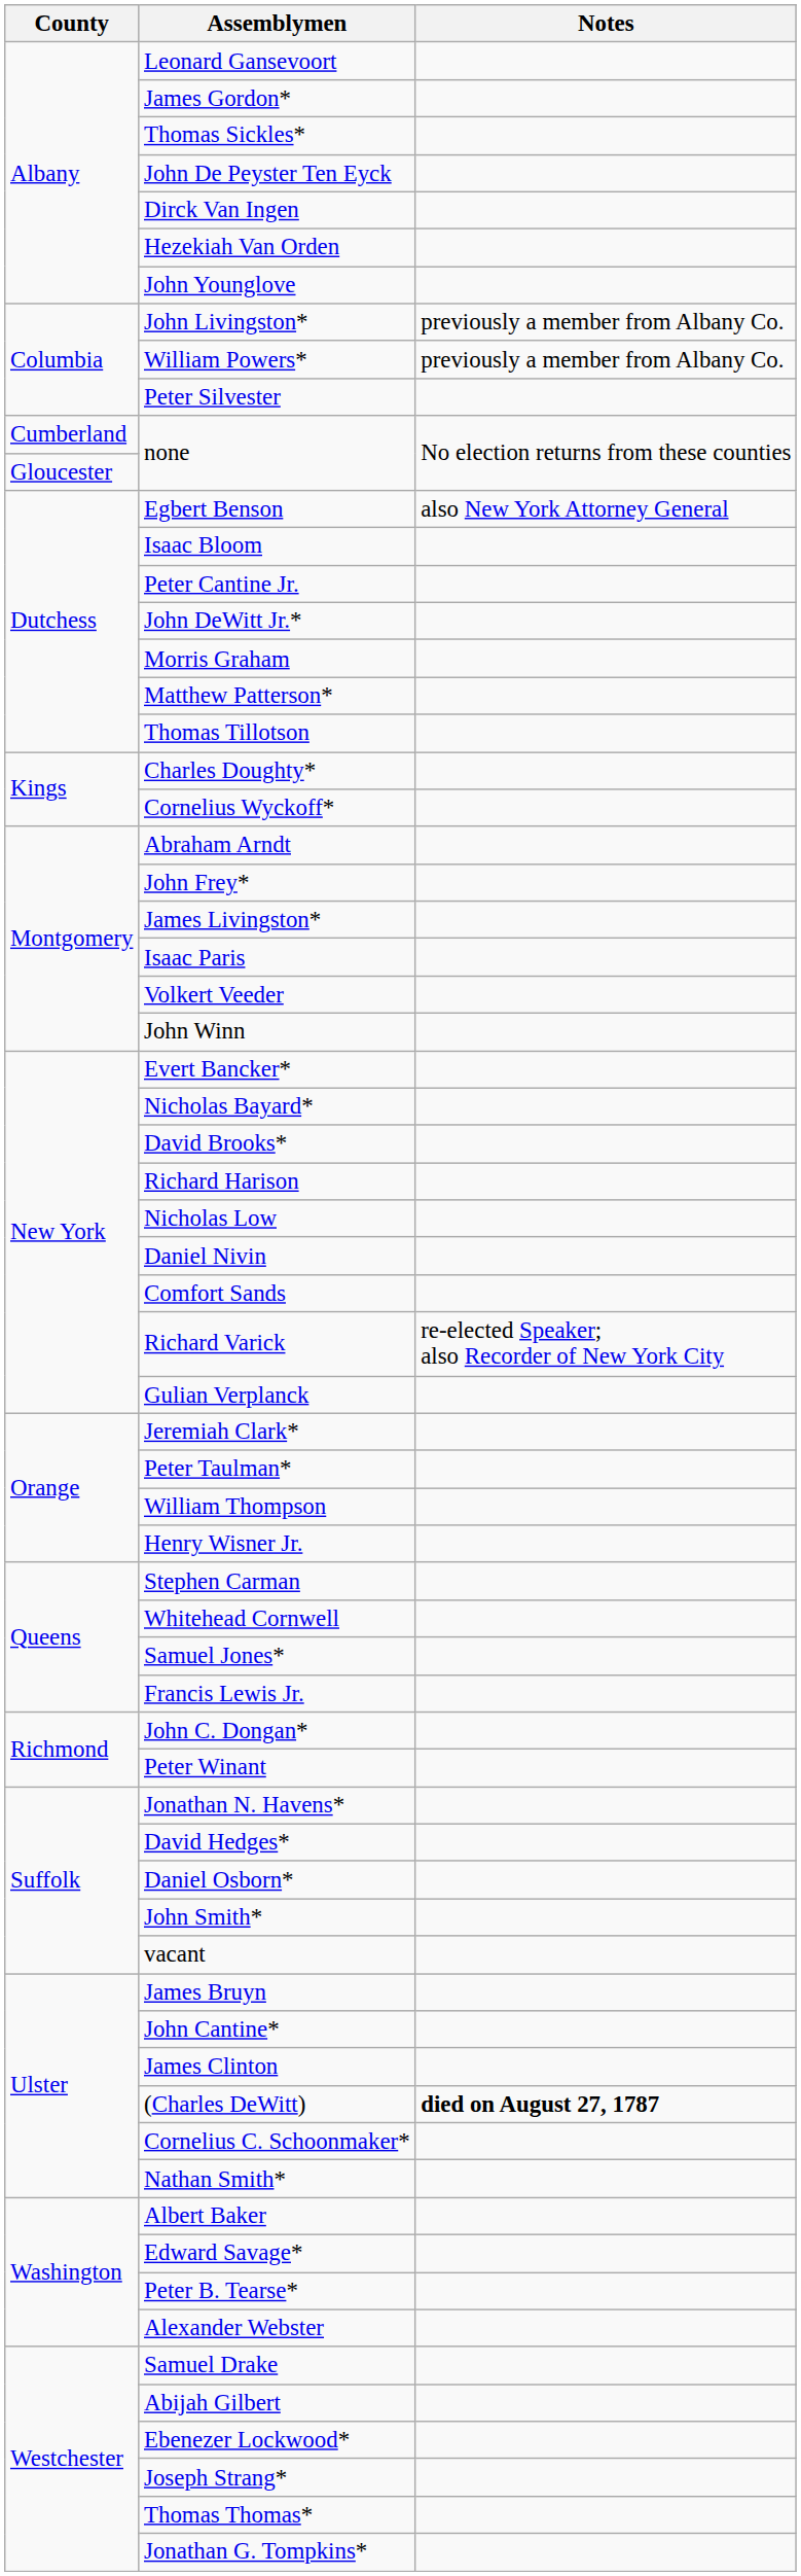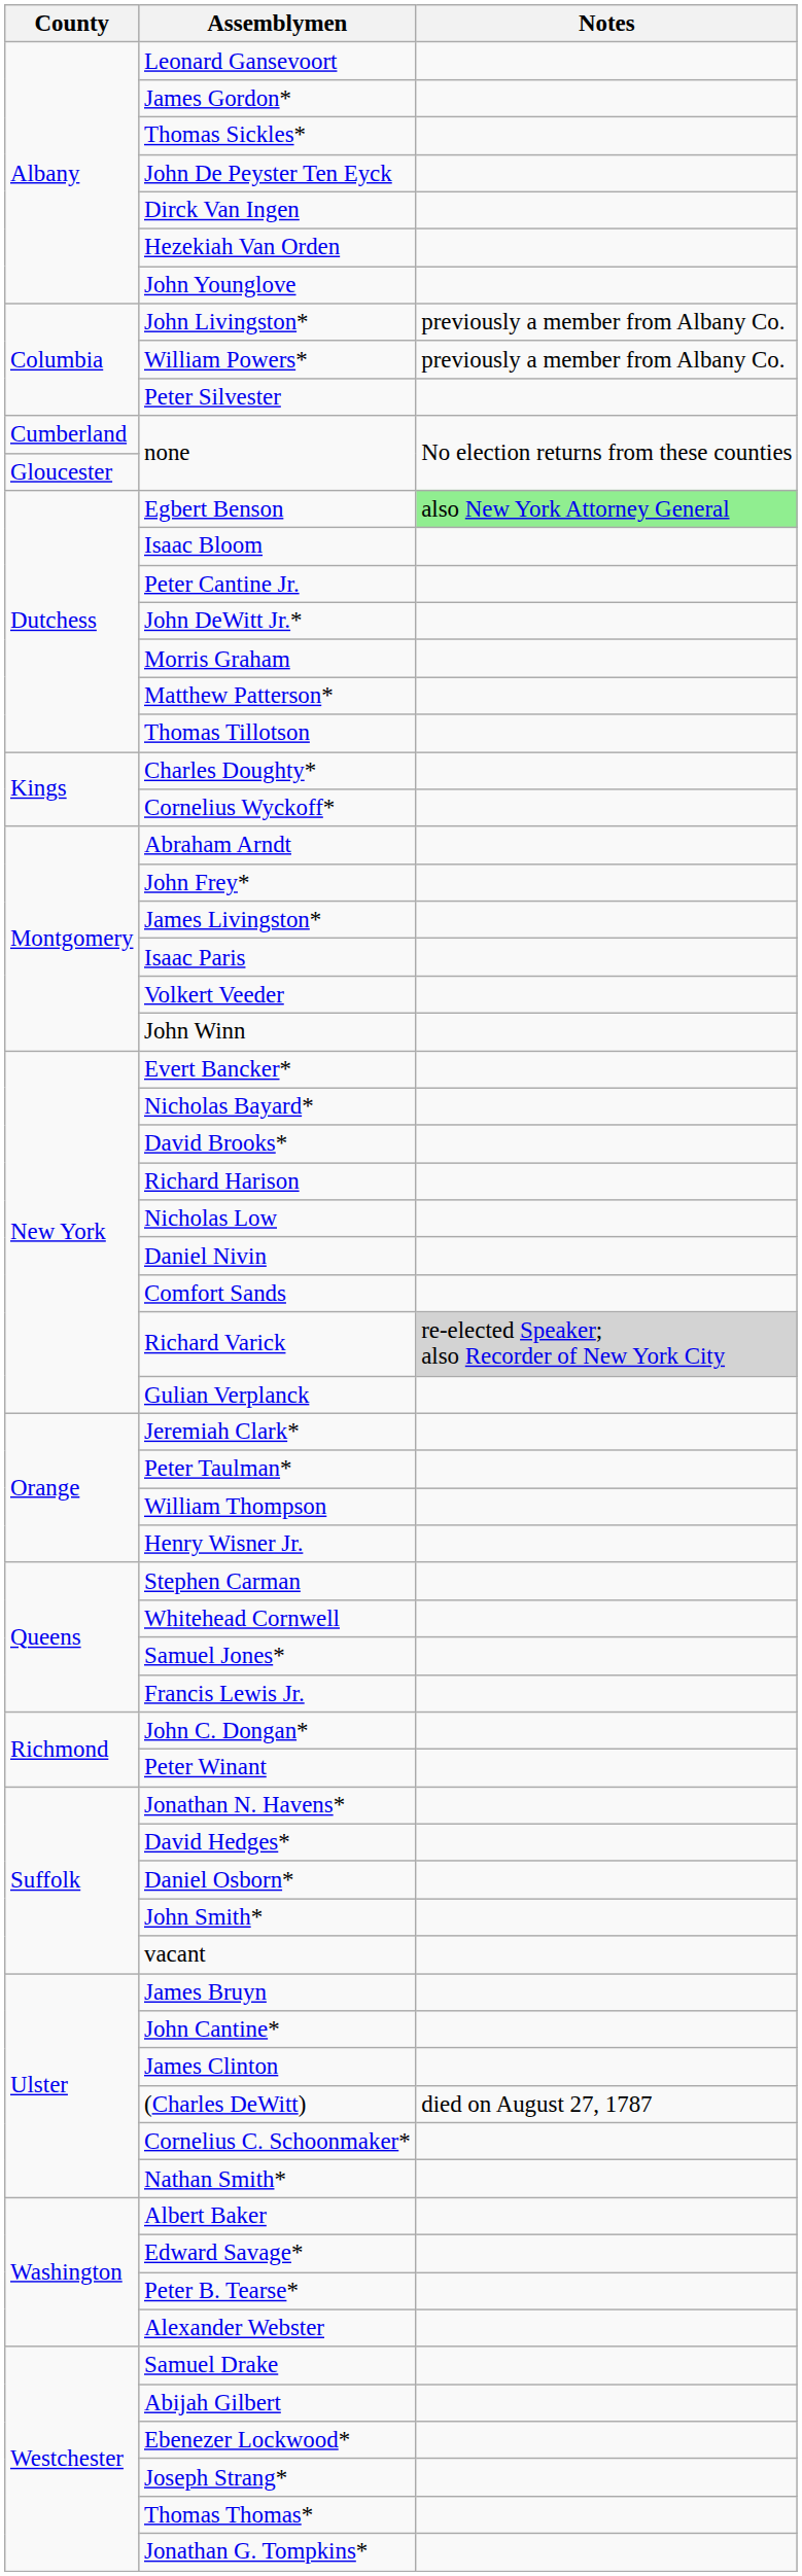 <table class=wikitable>
 <tr>
 <th>County</th>
 <th>Assemblymen</th>
 <th>Notes</th>
 </tr>
 <tr>
 <td rowspan="7"><a href='#'>Albany</a></td>
 <td><a href='#'>Leonard Gansevoort</a></td>
 <td></td>
 </tr>
 <tr>
 <td><a href='#'>James Gordon</a>*</td>
 <td></td>
 </tr>
 <tr>
 <td><a href='#'>Thomas Sickles</a>*</td>
 <td></td>
 </tr>
 <tr>
 <td><a href='#'>John De Peyster Ten Eyck</a></td>
 <td></td>
 </tr>
 <tr>
 <td><a href='#'>Dirck Van Ingen</a></td>
 <td></td>
 </tr>
 <tr>
 <td><a href='#'>Hezekiah Van Orden</a></td>
 <td></td>
 </tr>
 <tr>
 <td><a href='#'>John Younglove</a></td>
 <td></td>
 </tr>
 <tr>
 <td rowspan="3"><a href='#'>Columbia</a></td>
 <td><a href='#'>John Livingston</a>*</td>
 <td>previously a member from Albany Co.</td>
 </tr>
 <tr>
 <td><a href='#'>William Powers</a>*</td>
 <td>previously a member from Albany Co.</td>
 </tr>
 <tr>
 <td><a href='#'>Peter Silvester</a></td>
 <td></td>
 </tr>
 <tr>
 <td><a href='#'>Cumberland</a></td>
 <td rowspan="2">none</td>
 <td rowspan="2">No election returns from these counties</td>
 </tr>
 <tr>
 <td><a href='#'>Gloucester</a></td>
 </tr>
 <tr>
 <td rowspan="7"><a href='#'>Dutchess</a></td>
 <td><a href='#'>Egbert Benson</a></td>
-<td>also <a href='#'>New York Attorney General</a></td>
+<td style="background: lightgreen;">also <a href='#'>New York Attorney General</a></td>
 </tr>
 <tr>
 <td><a href='#'>Isaac Bloom</a></td>
 <td></td>
 </tr>
 <tr>
 <td><a href='#'>Peter Cantine Jr.</a></td>
 <td></td>
 </tr>
 <tr>
 <td><a href='#'>John DeWitt Jr.</a>*</td>
 <td></td>
 </tr>
 <tr>
 <td><a href='#'>Morris Graham</a></td>
 <td></td>
 </tr>
 <tr>
 <td><a href='#'>Matthew Patterson</a>*</td>
 <td></td>
 </tr>
 <tr>
 <td><a href='#'>Thomas Tillotson</a></td>
 <td></td>
 </tr>
 <tr>
 <td rowspan="2"><a href='#'>Kings</a></td>
 <td><a href='#'>Charles Doughty</a>*</td>
 <td></td>
 </tr>
 <tr>
 <td><a href='#'>Cornelius Wyckoff</a>*</td>
 <td></td>
 </tr>
 <tr>
 <td rowspan="6"><a href='#'>Montgomery</a></td>
 <td><a href='#'>Abraham Arndt</a></td>
 <td></td>
 </tr>
 <tr>
 <td><a href='#'>John Frey</a>*</td>
 <td></td>
 </tr>
 <tr>
 <td><a href='#'>James Livingston</a>*</td>
 <td></td>
 </tr>
 <tr>
 <td><a href='#'>Isaac Paris</a></td>
 <td></td>
 </tr>
 <tr>
 <td><a href='#'>Volkert Veeder</a></td>
 <td></td>
 </tr>
 <tr>
 <td>John Winn</td>
 <td></td>
 </tr>
 <tr>
 <td rowspan="9"><a href='#'>New York</a></td>
 <td><a href='#'>Evert Bancker</a>*</td>
 <td></td>
 </tr>
 <tr>
 <td><a href='#'>Nicholas Bayard</a>*</td>
 <td></td>
 </tr>
 <tr>
 <td><a href='#'>David Brooks</a>*</td>
 <td></td>
 </tr>
 <tr>
 <td><a href='#'>Richard Harison</a></td>
 <td></td>
 </tr>
 <tr>
 <td><a href='#'>Nicholas Low</a></td>
 <td></td>
 </tr>
 <tr>
 <td><a href='#'>Daniel Nivin</a></td>
 <td></td>
 </tr>
 <tr>
 <td><a href='#'>Comfort Sands</a></td>
 <td></td>
 </tr>
 <tr>
 <td><a href='#'>Richard Varick</a></td>
-<td>re-elected <a href='#'>Speaker</a>; <br>also <a href='#'>Recorder of New York City</a></td>
+<td style="background: lightgrey;">re-elected <a href='#'>Speaker</a>; <br>also <a href='#'>Recorder of New York City</a></td>
 </tr>
 <tr>
 <td><a href='#'>Gulian Verplanck</a></td>
 <td></td>
 </tr>
 <tr>
 <td rowspan="4"><a href='#'>Orange</a></td>
 <td><a href='#'>Jeremiah Clark</a>*</td>
 <td></td>
 </tr>
 <tr>
 <td><a href='#'>Peter Taulman</a>*</td>
 <td></td>
 </tr>
 <tr>
 <td><a href='#'>William Thompson</a></td>
 <td></td>
 </tr>
 <tr>
 <td><a href='#'>Henry Wisner Jr.</a></td>
 <td></td>
 </tr>
 <tr>
 <td rowspan="4"><a href='#'>Queens</a></td>
 <td><a href='#'>Stephen Carman</a></td>
 <td></td>
 </tr>
 <tr>
 <td><a href='#'>Whitehead Cornwell</a></td>
 <td></td>
 </tr>
 <tr>
 <td><a href='#'>Samuel Jones</a>*</td>
 <td></td>
 </tr>
 <tr>
 <td><a href='#'>Francis Lewis Jr.</a></td>
 <td></td>
 </tr>
 <tr>
 <td rowspan="2"><a href='#'>Richmond</a></td>
 <td><a href='#'>John C. Dongan</a>*</td>
 <td></td>
 </tr>
 <tr>
 <td><a href='#'>Peter Winant</a></td>
 <td></td>
 </tr>
 <tr>
 <td rowspan="5"><a href='#'>Suffolk</a></td>
 <td><a href='#'>Jonathan N. Havens</a>*</td>
 <td></td>
 </tr>
 <tr>
 <td><a href='#'>David Hedges</a>*</td>
 <td></td>
 </tr>
 <tr>
 <td><a href='#'>Daniel Osborn</a>*</td>
 <td></td>
 </tr>
 <tr>
 <td><a href='#'>John Smith</a>*</td>
 <td></td>
 </tr>
 <tr>
 <td>vacant</td>
 <td></td>
 </tr>
 <tr>
 <td rowspan="6"><a href='#'>Ulster</a></td>
 <td><a href='#'>James Bruyn</a></td>
 <td></td>
 </tr>
 <tr>
 <td><a href='#'>John Cantine</a>*</td>
 <td></td>
 </tr>
 <tr>
 <td><a href='#'>James Clinton</a></td>
 <td></td>
 </tr>
 <tr>
 <td>(<a href='#'>Charles DeWitt</a>)</td>
-<td><strong>died on August 27, 1787</strong></td>
+<td>died on August 27, 1787</td>
 </tr>
 <tr>
 <td><a href='#'>Cornelius C. Schoonmaker</a>*</td>
 <td></td>
 </tr>
 <tr>
 <td><a href='#'>Nathan Smith</a>*</td>
 <td></td>
 </tr>
 <tr>
 <td rowspan="4"><a href='#'>Washington</a></td>
 <td><a href='#'>Albert Baker</a></td>
 <td></td>
 </tr>
 <tr>
 <td><a href='#'>Edward Savage</a>*</td>
 <td></td>
 </tr>
 <tr>
 <td><a href='#'>Peter B. Tearse</a>*</td>
 <td></td>
 </tr>
 <tr>
 <td><a href='#'>Alexander Webster</a></td>
 <td></td>
 </tr>
 <tr>
 <td rowspan="6"><a href='#'>Westchester</a></td>
 <td><a href='#'>Samuel Drake</a></td>
 <td></td>
 </tr>
 <tr>
 <td><a href='#'>Abijah Gilbert</a></td>
 <td></td>
 </tr>
 <tr>
 <td><a href='#'>Ebenezer Lockwood</a>*</td>
 <td></td>
 </tr>
 <tr>
 <td><a href='#'>Joseph Strang</a>*</td>
 <td></td>
 </tr>
 <tr>
 <td><a href='#'>Thomas Thomas</a>*</td>
 <td></td>
 </tr>
 <tr>
 <td><a href='#'>Jonathan G. Tompkins</a>*</td>
 <td></td>
 </tr>
 <tr>
 </tr>
 </table>
